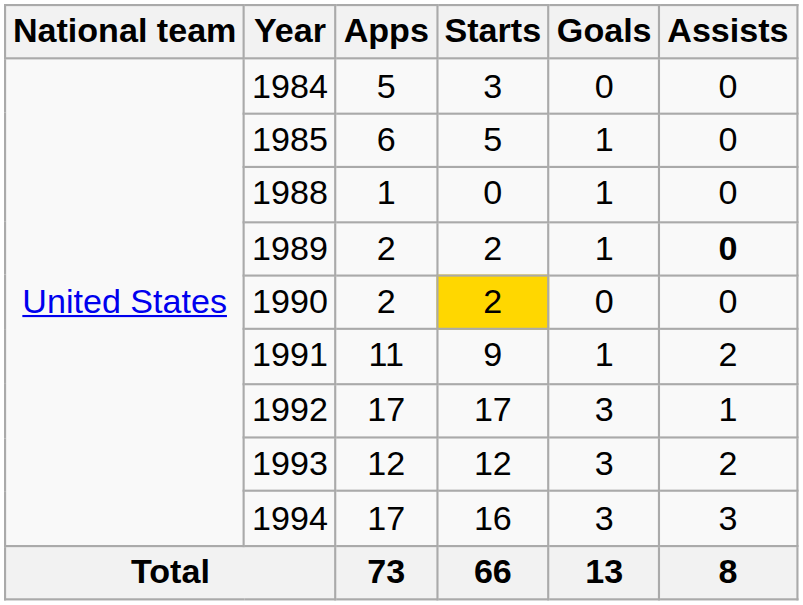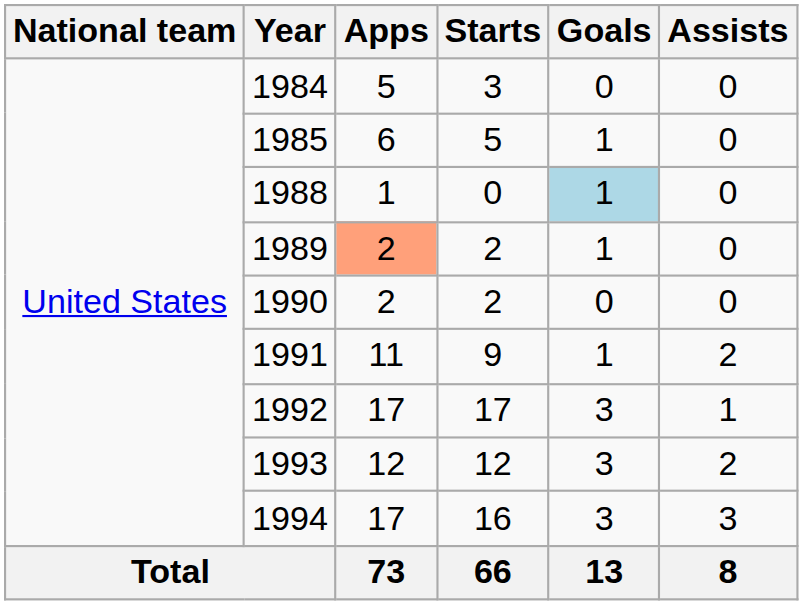 <table class="wikitable" style="text-align:center">
 <tr>
 <th>National team</th>
 <th>Year</th>
 <th>Apps</th>
 <th>Starts</th>
 <th>Goals</th>
 <th>Assists</th>
 </tr>
 <tr>
 <td rowspan="9"><a href='#'>United States</a></td>
 <td>1984</td>
 <td>5</td>
 <td>3</td>
 <td>0</td>
 <td>0</td>
 </tr>
 <tr>
 <td>1985</td>
 <td>6</td>
 <td>5</td>
 <td>1</td>
 <td>0</td>
 </tr>
 <tr>
 <td>1988</td>
 <td>1</td>
 <td>0</td>
+<td style="background: lightblue;">1</td>
+<td>0</td>
+</tr>
+<tr>
+<td>1989</td>
+<td style="background: lightsalmon;">2</td>
+<td>2</td>
 <td>1</td>
 <td>0</td>
 </tr>
 <tr>
-<td>1989</td>
+<td>1990</td>
 <td>2</td>
 <td>2</td>
-<td>1</td>
-<td><strong>0</strong></td>
-</tr>
-<tr>
-<td>1990</td>
-<td>2</td>
-<td style="background: gold;">2</td>
 <td>0</td>
 <td>0</td>
 </tr>
 <tr>
 <td>1991</td>
 <td>11</td>
 <td>9</td>
 <td>1</td>
 <td>2</td>
 </tr>
 <tr>
 <td>1992</td>
 <td>17</td>
 <td>17</td>
 <td>3</td>
 <td>1</td>
 </tr>
 <tr>
 <td>1993</td>
 <td>12</td>
 <td>12</td>
 <td>3</td>
 <td>2</td>
 </tr>
 <tr>
 <td>1994</td>
 <td>17</td>
 <td>16</td>
 <td>3</td>
 <td>3</td>
 </tr>
 <tr>
 <th colspan="2">Total</th>
 <th>73</th>
 <th>66</th>
 <th>13</th>
 <th>8</th>
 </tr>
 </table>
